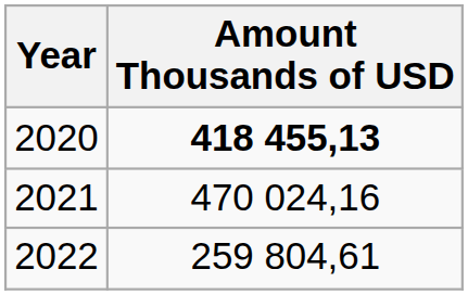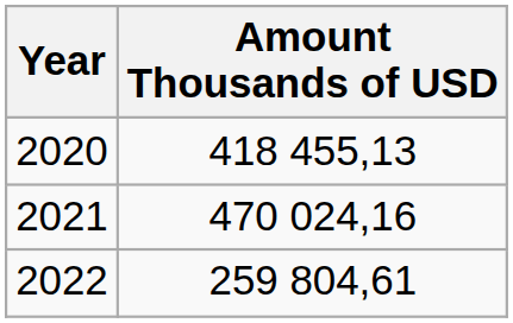 <table class="wikitable" style="text-align:center;">
 <tr>
 <th>Year</th>
 <th>Amount<br>Thousands of USD</th>
 </tr>
 <tr>
 <td>2020</td>
-<td><strong>418 455,13</strong></td>
+<td>418 455,13</td>
 </tr>
 <tr>
 <td>2021</td>
 <td>470 024,16 </td>
 </tr>
 <tr>
 <td>2022</td>
 <td>259 804,61</td>
 </tr>
 </table>
